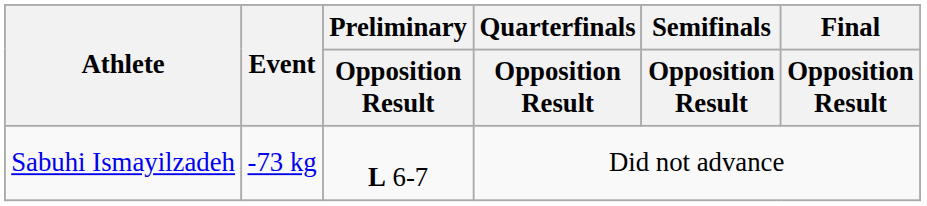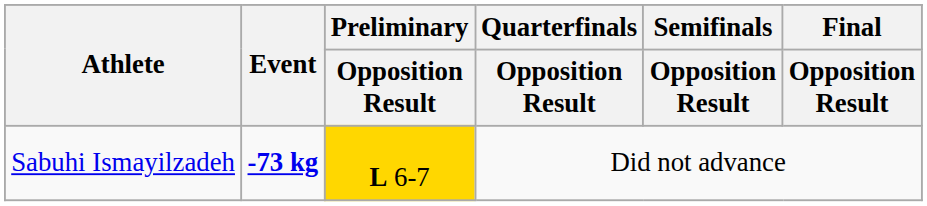 <table class="wikitable" style="font-size:90%">
 <tr>
 <th rowspan="2">Athlete</th>
 <th rowspan="2">Event</th>
 <th>Preliminary</th>
 <th>Quarterfinals</th>
 <th>Semifinals</th>
 <th>Final</th>
 </tr>
 <tr>
 <th>Opposition<br>Result</th>
 <th>Opposition<br>Result</th>
 <th>Opposition<br>Result</th>
 <th>Opposition<br>Result</th>
 </tr>
 <tr>
 <td><a href='#'>Sabuhi Ismayilzadeh</a></td>
-<td><a href='#'>-73 kg</a></td>
-<td align=center><br><strong>L</strong> 6-7</td>
+<td><strong><a href='#'>-73 kg</a></strong></td>
+<td align=center style="background: gold;"><br><strong>L</strong> 6-7</td>
 <td align=center colspan="3">Did not advance</td>
 </tr>
 </table>
